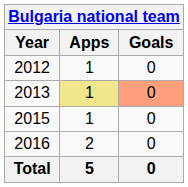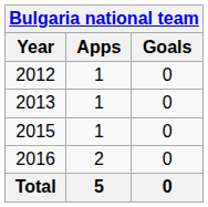 <table class="wikitable" style="text-align:center">
 <tr>
 <th colspan=3><a href='#'>Bulgaria national team</a></th>
 </tr>
 <tr>
 <th>Year</th>
 <th>Apps</th>
 <th>Goals</th>
 </tr>
 <tr>
 </tr>
 <tr>
 <td>2012</td>
 <td>1</td>
 <td>0</td>
 </tr>
 <tr>
 <td>2013</td>
-<td style="background: khaki;">1</td>
-<td style="background: lightsalmon;">0</td>
+<td>1</td>
+<td>0</td>
 </tr>
 <tr>
 <td>2015</td>
 <td>1</td>
 <td>0</td>
 </tr>
 <tr>
 <td>2016</td>
 <td>2</td>
 <td>0</td>
 </tr>
 <tr>
 <th>Total</th>
 <th>5</th>
 <th>0</th>
 </tr>
 </table>
